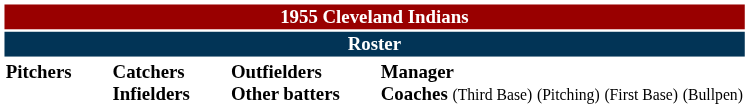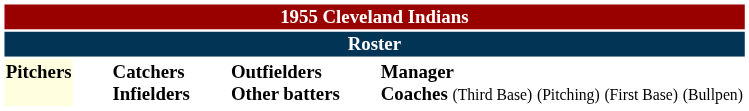 <table class="toccolours" style="font-size: 95%;">
 <tr>
 <th colspan="10" style="background-color: #990000; color: white; text-align: center;">1955 Cleveland Indians</th>
 </tr>
 <tr>
 <td colspan="10" style="background-color: #023456; color: white; text-align: center;"><strong>Roster</strong></td>
 </tr>
 <tr>
-<td valign="top"><strong>Pitchers</strong><br>              </td>
+<td valign="top" style="background: lightyellow;"><strong>Pitchers</strong><br>              </td>
 <td width="25px"></td>
 <td valign="top"><strong>Catchers</strong><br>   <strong>Infielders</strong>              </td>
 <td width="25px"></td>
 <td valign="top"><strong>Outfielders</strong><br>          <strong>Other batters</strong> </td>
 <td width="25px"></td>
 <td valign="top"><strong>Manager</strong><br> <strong>Coaches</strong>  <small>(Third Base)</small>   <small>(Pitching)</small>  <small>(First Base)</small>   <small>(Bullpen)</small></td>
 </tr>
 </table>
